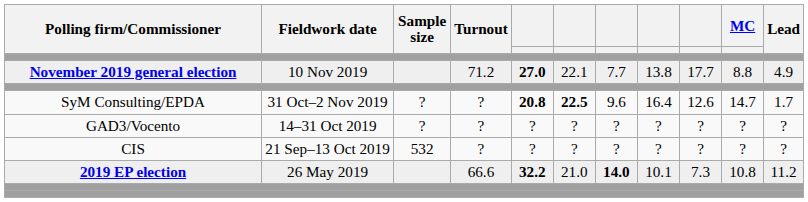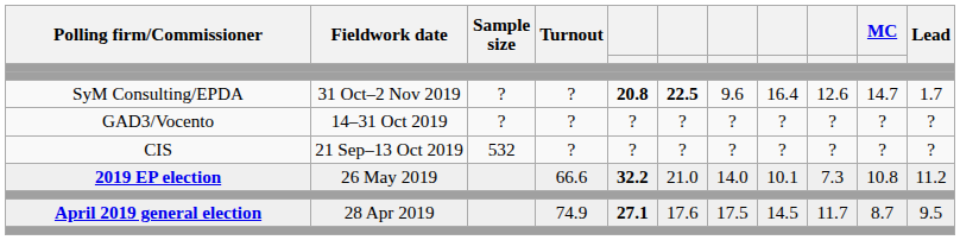 <table class="wikitable collapsible collapsed" style="text-align:center; font-size:95%; line-height:16px;">
 <tr style="height:42px;">
 <th style="width:250px;" rowspan="2">Polling firm/Commissioner</th>
 <th style="width:125px;" rowspan="2">Fieldwork date</th>
 <th style="width:50px;" rowspan="2">Sample size</th>
 <th style="width:45px;" rowspan="2">Turnout</th>
 <th style="width:35px;"></th>
 <th style="width:35px;"></th>
 <th style="width:35px;"></th>
 <th style="width:35px;"></th>
 <th style="width:35px;"></th>
 <th style="width:35px;"><a href='#'>MC</a></th>
 <th style="width:30px;" rowspan="2">Lead</th>
 </tr>
 <tr>
 <th style="color:inherit;background:"></th>
 <th style="color:inherit;background:"></th>
 <th style="color:inherit;background:"></th>
 <th style="color:inherit;background:"></th>
 <th style="color:inherit;background:"></th>
 <th style="color:inherit;background:"></th>
 </tr>
 <tr>
 <td colspan="11" style="background:#A0A0A0"></td>
-</tr>
-<tr style="background:#EFEFEF;">
-<td><strong><a href='#'>November 2019 general election</a></strong></td>
-<td>10 Nov 2019</td>
-<td></td>
-<td>71.2</td>
-<td><strong>27.0</strong><br></td>
-<td>22.1<br></td>
-<td>7.7<br></td>
-<td>13.8<br></td>
-<td>17.7<br></td>
-<td>8.8<br></td>
-<td style="background:">4.9</td>
 </tr>
 <tr>
 <td colspan="11" style="background:#A0A0A0"></td>
 </tr>
 <tr>
 <td>SyM Consulting/EPDA</td>
 <td>31 Oct–2 Nov 2019</td>
 <td>?</td>
 <td>?</td>
 <td><strong>20.8<br></strong></td>
 <td><strong>22.5</strong><br></td>
 <td>9.6<br></td>
 <td>16.4<br></td>
 <td>12.6<br></td>
 <td>14.7<br></td>
 <td style="background:">1.7</td>
 </tr>
 <tr>
 <td>GAD3/Vocento</td>
 <td>14–31 Oct 2019</td>
 <td>?</td>
 <td>?</td>
 <td>?<br></td>
 <td>?<br></td>
 <td>?<br></td>
 <td>?<br></td>
 <td>?<br></td>
 <td>?<br></td>
 <td style="background:">?</td>
 </tr>
 <tr>
 <td>CIS</td>
 <td>21 Sep–13 Oct 2019</td>
 <td>532</td>
 <td>?</td>
 <td>?<br></td>
 <td>?<br></td>
 <td>?<br></td>
 <td>?<br></td>
 <td>?<br></td>
 <td>?<br></td>
 <td style="background:">?</td>
 </tr>
 <tr style="background:#EFEFEF;">
 <td><strong><a href='#'>2019 EP election</a></strong></td>
 <td>26 May 2019</td>
 <td></td>
 <td>66.6</td>
 <td><strong>32.2</strong><br></td>
 <td>21.0<br></td>
-<td><strong>14.0<br></strong></td>
+<td>14.0<br></td>
 <td>10.1<br></td>
 <td>7.3<br></td>
 <td>10.8<br></td>
 <td style="background:">11.2</td>
 </tr>
 <tr>
 <td colspan="11" style="background:#A0A0A0"></td>
 </tr>
+<tr style="background:#EFEFEF;">
+<td><strong><a href='#'>April 2019 general election</a></strong></td>
+<td>28 Apr 2019</td>
+<td></td>
+<td>74.9</td>
+<td><strong>27.1</strong><br></td>
+<td>17.6<br></td>
+<td>17.5<br></td>
+<td>14.5<br></td>
+<td>11.7<br></td>
+<td>8.7<br></td>
+<td style="background:">9.5</td>
+</tr>
 <tr>
 <td colspan="11" style="background:#A0A0A0"></td>
 </tr>
 </table>
